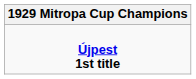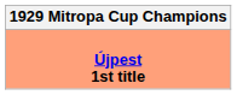 <table class=wikitable style="text-align:center; margin:auto">
 <tr>
 <th>1929 Mitropa Cup Champions</th>
 </tr>
 <tr>
-<td> <br> <strong><a href='#'>Újpest</a></strong> <br> <strong>1st title</strong></td>
+<td style="background: lightsalmon;"> <br> <strong><a href='#'>Újpest</a></strong> <br> <strong>1st title</strong></td>
 </tr>
 </table>
